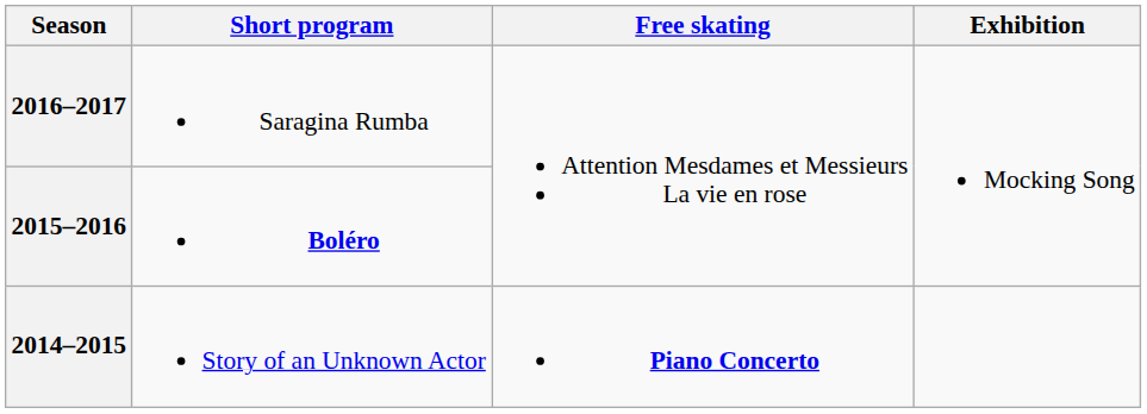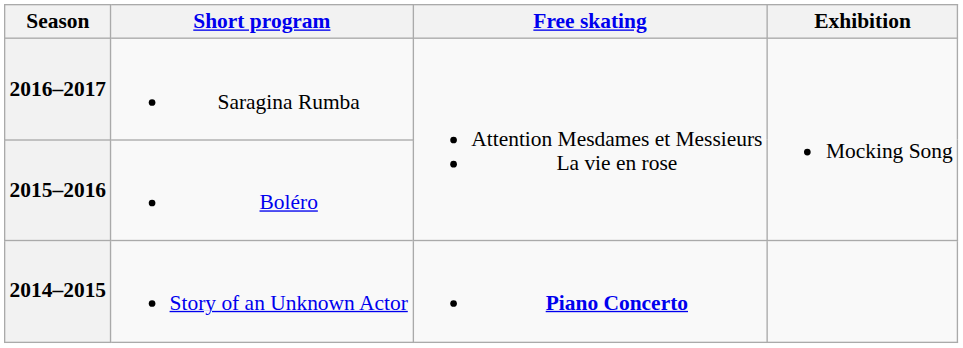 <table class=wikitable style=text-align:center>
 <tr>
 <th>Season</th>
 <th><a href='#'>Short program</a></th>
 <th><a href='#'>Free skating</a></th>
 <th>Exhibition</th>
 </tr>
 <tr>
 <th>2016–2017 <br> </th>
 <td><br><ul><li>Saragina Rumba <br></li></ul></td>
 <td rowspan=2><br><ul><li>Attention Mesdames et Messieurs <br></li><li>La vie en rose <br></li></ul></td>
 <td rowspan=2><br><ul><li>Mocking Song <br></li></ul></td>
 </tr>
 <tr>
 <th>2015–2016 <br> </th>
-<td><strong><br><ul><li><a href='#'>Boléro</a> <br></li></ul></strong></td>
+<td><br><ul><li><a href='#'>Boléro</a> <br></li></ul></td>
 </tr>
 <tr>
 <th>2014–2015</th>
 <td><br><ul><li><a href='#'>Story of an Unknown Actor</a> <br></li></ul></td>
 <td><strong><br><ul><li><a href='#'>Piano Concerto</a> <br></li></ul></strong></td>
 <td></td>
 </tr>
 </table>
